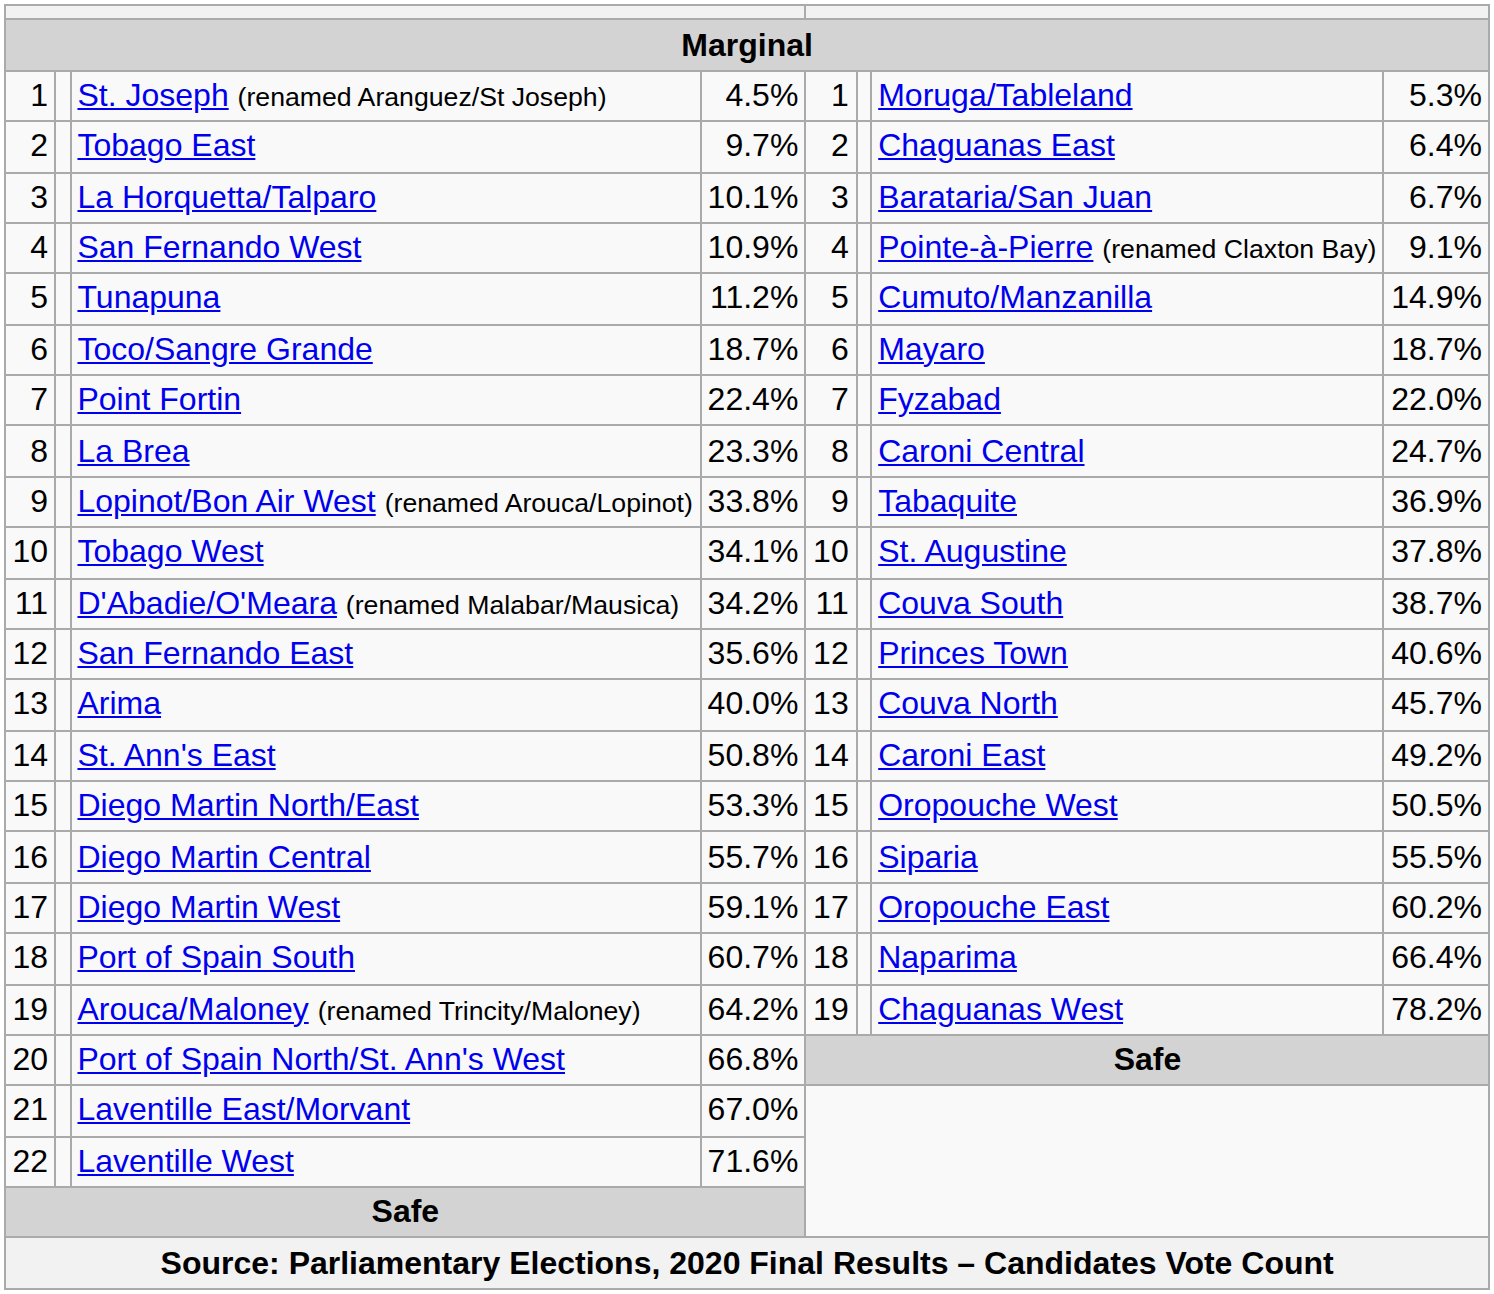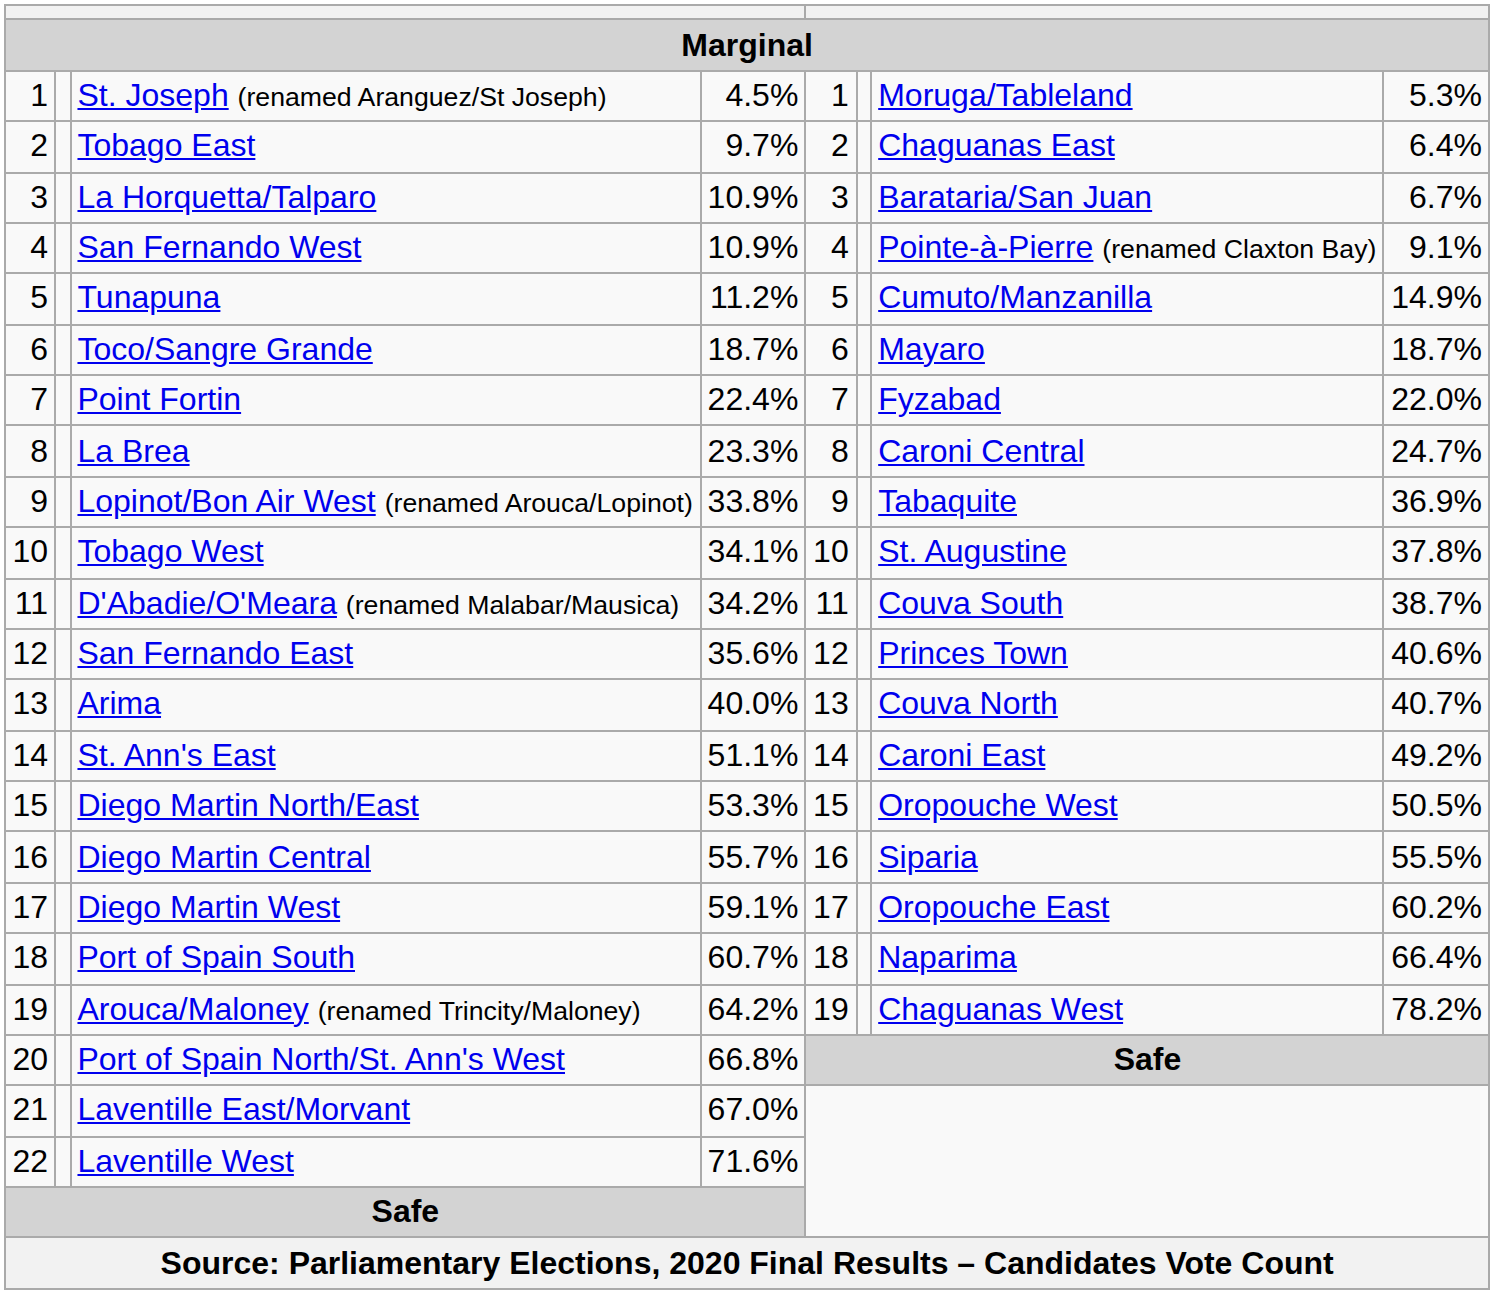 <table class="wikitable sortable mw-collapsible" style="text-align:right;">
 <tr>
 <th colspan="4" style="background:"><a href='#'></a></th>
 <th colspan="4" style="background:"><a href='#'></a></th>
 </tr>
 <tr valign="top">
 <th colspan="8" style="background:lightgrey">Marginal</th>
 </tr>
 <tr valign="top">
 <td>1</td>
 <td style="background:"></td>
 <td style="text-align:left;"><a href='#'>St. Joseph</a> <small>(renamed Aranguez/St Joseph)</small></td>
 <td>4.5%</td>
 <td>1</td>
 <td style="background:"></td>
 <td style="text-align:left;"><a href='#'>Moruga/Tableland</a></td>
 <td>5.3%</td>
 </tr>
 <tr valign="top">
 <td>2</td>
 <td style="background:"></td>
 <td style="text-align:left;"><a href='#'>Tobago East</a></td>
 <td>9.7%</td>
 <td>2</td>
 <td style="background:"></td>
 <td style="text-align:left;"><a href='#'>Chaguanas East</a></td>
 <td>6.4%</td>
 </tr>
 <tr valign="top">
 <td>3</td>
 <td style="background:"></td>
 <td style="text-align:left;"><a href='#'>La Horquetta/Talparo</a></td>
-<td>10.1%</td>
+<td>10.9%</td>
 <td>3</td>
 <td style="background:"></td>
 <td style="text-align:left;"><a href='#'>Barataria/San Juan</a></td>
 <td>6.7%</td>
 </tr>
 <tr valign="top">
 <td>4</td>
 <td style="background:"></td>
 <td style="text-align:left;"><a href='#'>San Fernando West</a></td>
 <td>10.9%</td>
 <td>4</td>
 <td style="background:"></td>
 <td style="text-align:left;"><a href='#'>Pointe-à-Pierre</a> <small>(renamed Claxton Bay)</small></td>
 <td>9.1%</td>
 </tr>
 <tr valign="top">
 <td>5</td>
 <td style="background:"></td>
 <td style="text-align:left;"><a href='#'>Tunapuna</a></td>
 <td>11.2%</td>
 <td>5</td>
 <td style="background:"></td>
 <td style="text-align:left;"><a href='#'>Cumuto/Manzanilla</a></td>
 <td>14.9%</td>
 </tr>
 <tr valign="top">
 <td>6</td>
 <td style="background:"></td>
 <td style="text-align:left;"><a href='#'>Toco/Sangre Grande</a></td>
 <td>18.7%</td>
 <td>6</td>
 <td style="background:"></td>
 <td style="text-align:left;"><a href='#'>Mayaro</a></td>
 <td>18.7%</td>
 </tr>
 <tr valign="top">
 <td>7</td>
 <td style="background:"></td>
 <td style="text-align:left;"><a href='#'>Point Fortin</a></td>
 <td>22.4%</td>
 <td>7</td>
 <td style="background:"></td>
 <td style="text-align:left;"><a href='#'>Fyzabad</a></td>
 <td>22.0%</td>
 </tr>
 <tr valign="top">
 <td>8</td>
 <td style="background:"></td>
 <td style="text-align:left;"><a href='#'>La Brea</a></td>
 <td>23.3%</td>
 <td>8</td>
 <td style="background:"></td>
 <td style="text-align:left;"><a href='#'>Caroni Central</a></td>
 <td>24.7%</td>
 </tr>
 <tr valign="top">
 <td>9</td>
 <td style="background:"></td>
 <td style="text-align:left;"><a href='#'>Lopinot/Bon Air West</a> <small>(renamed Arouca/Lopinot)</small></td>
 <td>33.8%</td>
 <td>9</td>
 <td style="background:"></td>
 <td style="text-align:left;"><a href='#'>Tabaquite</a></td>
 <td>36.9%</td>
 </tr>
 <tr valign="top">
 <td>10</td>
 <td style="background:"></td>
 <td style="text-align:left;"><a href='#'>Tobago West</a></td>
 <td>34.1%</td>
 <td>10</td>
 <td style="background:"></td>
 <td style="text-align:left;"><a href='#'>St. Augustine</a></td>
 <td>37.8%</td>
 </tr>
 <tr valign="top">
 <td>11</td>
 <td style="background:"></td>
 <td style="text-align:left;"><a href='#'>D'Abadie/O'Meara</a> <small>(renamed Malabar/Mausica)</small></td>
 <td>34.2%</td>
 <td>11</td>
 <td style="background:"></td>
 <td style="text-align:left;"><a href='#'>Couva South</a></td>
 <td>38.7%</td>
 </tr>
 <tr valign="top">
 <td>12</td>
 <td style="background:"></td>
 <td style="text-align:left;"><a href='#'>San Fernando East</a></td>
 <td>35.6%</td>
 <td>12</td>
 <td style="background:"></td>
 <td style="text-align:left;"><a href='#'>Princes Town</a></td>
 <td>40.6%</td>
 </tr>
 <tr valign="top">
 <td>13</td>
 <td style="background:"></td>
 <td style="text-align:left;"><a href='#'>Arima</a></td>
 <td>40.0%</td>
 <td>13</td>
 <td style="background:"></td>
 <td style="text-align:left;"><a href='#'>Couva North</a></td>
-<td>45.7%</td>
+<td>40.7%</td>
 </tr>
 <tr valign="top">
 <td>14</td>
 <td style="background:"></td>
 <td style="text-align:left;"><a href='#'>St. Ann's East</a></td>
-<td>50.8%</td>
+<td>51.1%</td>
 <td>14</td>
 <td style="background:"></td>
 <td style="text-align:left;"><a href='#'>Caroni East</a></td>
 <td>49.2%</td>
 </tr>
 <tr valign="top">
 <td>15</td>
 <td style="background:"></td>
 <td style="text-align:left;"><a href='#'>Diego Martin North/East</a></td>
 <td>53.3%</td>
 <td>15</td>
 <td style="background:"></td>
 <td style="text-align:left;"><a href='#'>Oropouche West</a></td>
 <td>50.5%</td>
 </tr>
 <tr valign="top">
 <td>16</td>
 <td style="background:"></td>
 <td style="text-align:left;"><a href='#'>Diego Martin Central</a></td>
 <td>55.7%</td>
 <td>16</td>
 <td style="background:"></td>
 <td style="text-align:left;"><a href='#'>Siparia</a></td>
 <td>55.5%</td>
 </tr>
 <tr valign="top">
 <td>17</td>
 <td style="background:"></td>
 <td style="text-align:left;"><a href='#'>Diego Martin West</a></td>
 <td>59.1%</td>
 <td>17</td>
 <td style="background:"></td>
 <td style="text-align:left;"><a href='#'>Oropouche East</a></td>
 <td>60.2%</td>
 </tr>
 <tr valign="top">
 <td>18</td>
 <td style="background:"></td>
 <td style="text-align:left"><a href='#'>Port of Spain South</a></td>
 <td>60.7%</td>
 <td>18</td>
 <td style="background:"></td>
 <td style="text-align:left;"><a href='#'>Naparima</a></td>
 <td>66.4%</td>
 </tr>
 <tr valign="top">
 <td>19</td>
 <td style="background:"></td>
 <td style="text-align:left;"><a href='#'>Arouca/Maloney</a> <small>(renamed Trincity/Maloney)</small></td>
 <td>64.2%</td>
 <td>19</td>
 <td style="background:"></td>
 <td style="text-align:left;"><a href='#'>Chaguanas West</a></td>
 <td>78.2%</td>
 </tr>
 <tr valign="top">
 <td>20</td>
 <td style="background:"></td>
 <td style="text-align:left;"><a href='#'>Port of Spain North/St. Ann's West</a></td>
 <td>66.8%</td>
 <th colspan="4" style="background:lightgrey">Safe</th>
 </tr>
 <tr valign="top">
 <td>21</td>
 <td style="background:"></td>
 <td style="text-align:left"><a href='#'>Laventille East/Morvant</a></td>
 <td>67.0%</td>
 </tr>
 <tr valign="top">
 <td>22</td>
 <td style="background:"></td>
 <td style="text-align:left;"><a href='#'>Laventille West</a></td>
 <td>71.6%</td>
 </tr>
 <tr valign="top">
 <th colspan="4" style="background:lightgrey">Safe</th>
 </tr>
 <tr>
 <th colspan="8">Source: Parliamentary Elections, 2020 Final Results – Candidates Vote Count</th>
 </tr>
 </table>
